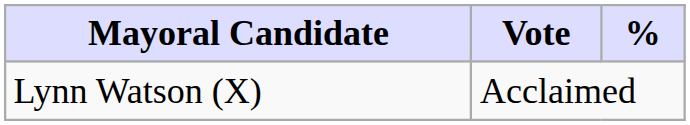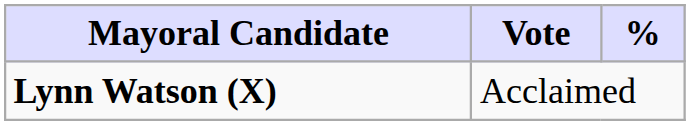 <table class="wikitable">
 <tr>
 <th style="background:#ddf; width:200px;">Mayoral Candidate</th>
 <th style="background:#ddf; width:50px;">Vote</th>
 <th style="background:#ddf; width:30px;">%</th>
 </tr>
 <tr>
-<td>Lynn Watson (X)</td>
+<td><strong>Lynn Watson (X)</strong></td>
 <td colspan="2">Acclaimed</td>
 </tr>
 </table>
